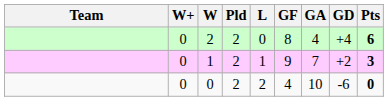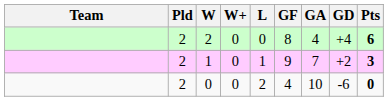 <table class="wikitable" style="text-align: center;">
 <tr>
 <th width="175">Team</th>
+<th width="20">Pld</th>
+<th width="20">W</th>
 <th width="20">W+</th>
-<th width="20">W</th>
-<th width="20">Pld</th>
 <th width="20">L</th>
 <th width="20">GF</th>
 <th width="20">GA</th>
 <th width="20">GD</th>
 <th width="20">Pts</th>
 </tr>
 <tr align=center style="background:#ccffcc;">
 <td style="text-align:left;"></td>
-<td>0</td>
 <td>2</td>
 <td>2</td>
+<td>0</td>
 <td>0</td>
 <td>8</td>
 <td>4</td>
 <td>+4</td>
 <td><strong>6</strong></td>
 </tr>
 <tr align=center style="background:#ffccff;">
 <td style="text-align:left;"></td>
+<td>2</td>
+<td>1</td>
 <td>0</td>
-<td>1</td>
-<td>2</td>
 <td>1</td>
 <td>9</td>
 <td>7</td>
 <td>+2</td>
 <td><strong>3</strong></td>
 </tr>
 <tr align=center>
 <td style="text-align:left;"></td>
+<td>2</td>
 <td>0</td>
 <td>0</td>
-<td>2</td>
 <td>2</td>
 <td>4</td>
 <td>10</td>
 <td>-6</td>
 <td><strong>0</strong></td>
 </tr>
 </table>
